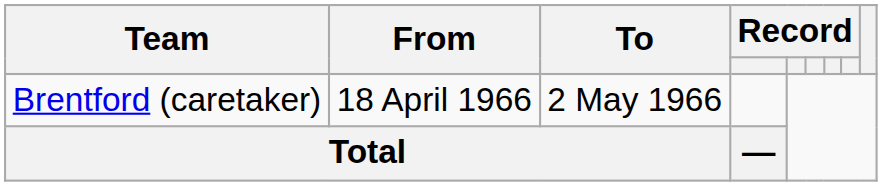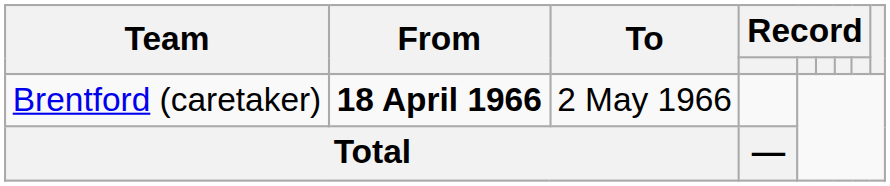 <table class=wikitable style="text-align: center">
 <tr>
 <th rowspan=2>Team</th>
 <th rowspan=2>From</th>
 <th rowspan=2>To</th>
 <th colspan=5>Record</th>
 <th rowspan=2></th>
 </tr>
 <tr>
 <th></th>
 <th></th>
 <th></th>
 <th></th>
 <th></th>
 </tr>
 <tr>
 <td align="left"><a href='#'>Brentford</a> (caretaker)</td>
-<td align="left">18 April 1966</td>
+<td align="left"><strong>18 April 1966</strong></td>
 <td align="left">2 May 1966<br></td>
 <td></td>
 </tr>
 <tr>
 <th colspan="3">Total<br></th>
 <th>—</th>
 </tr>
 </table>
